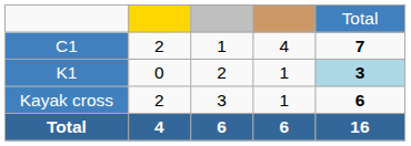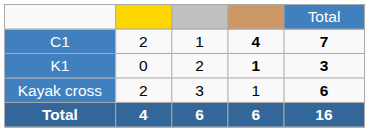 <table class="wikitable"  style="font-size:95%; text-align:center; border:gray solid 1px; width:40%;">
 <tr>
 <td rowspan="2" style="width:3%;"></td>
 </tr>
 <tr>
 <td style="width:2%;" bgcolor=gold></td>
 <td style="width:2%;" bgcolor=silver></td>
 <td style="width:2%;" bgcolor=cc9966></td>
 <td style="width:2%; background-color:#4180be; color:white;">Total</td>
 </tr>
 <tr>
 <td style="background-color:#4180be; color:white;">C1</td>
 <td>2</td>
 <td>1</td>
-<td>4</td>
+<td><strong>4</strong></td>
 <td><strong>7</strong></td>
 </tr>
 <tr>
 <td style="background-color:#4180be; color:white;">K1</td>
 <td>0</td>
 <td>2</td>
-<td>1</td>
-<td style="background: lightblue;"><strong>3</strong></td>
+<td><strong>1</strong></td>
+<td><strong>3</strong></td>
 </tr>
 <tr>
 <td style="background-color:#4180be; color:white;">Kayak cross</td>
 <td>2</td>
 <td>3</td>
 <td>1</td>
 <td><strong>6</strong></td>
 </tr>
 <tr style="background:#369; color:white;">
 <td><strong>Total</strong></td>
 <td><strong>4</strong></td>
 <td><strong>6</strong></td>
 <td><strong>6</strong></td>
 <td><strong>16</strong></td>
 </tr>
 </table>
